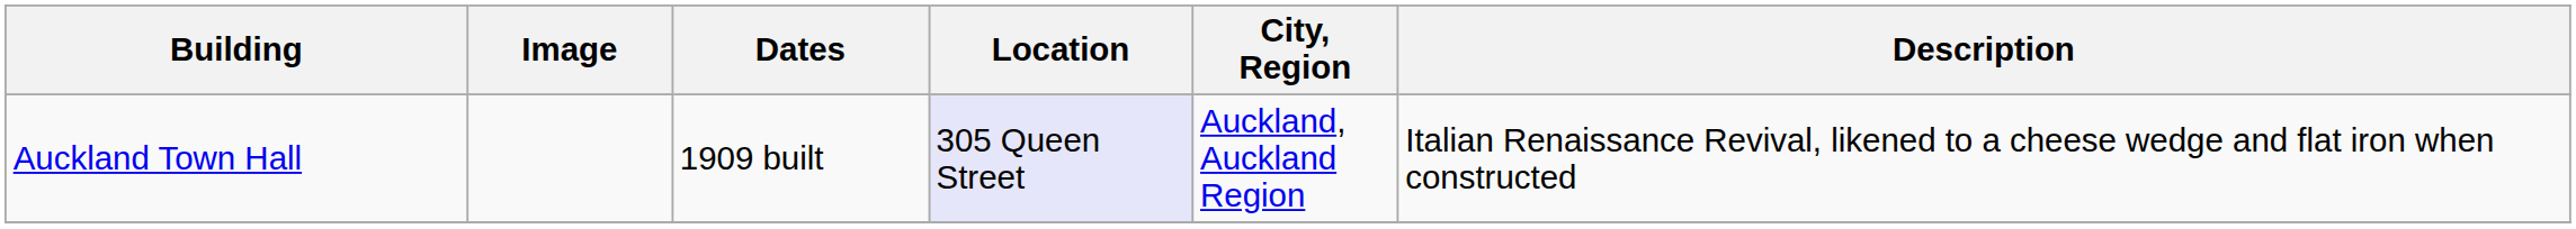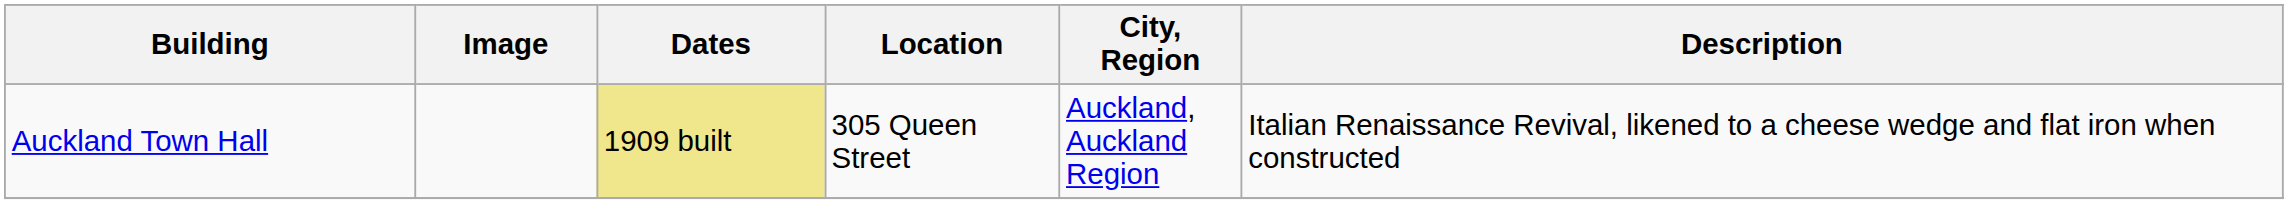 <table class="wikitable sortable" style="width:98%">
 <tr>
 <th width = 18%><strong>Building</strong></th>
 <th width = 8% class="unsortable"><strong>Image</strong></th>
 <th width = 10%><strong>Dates</strong></th>
 <th><strong>Location</strong></th>
 <th width = 8%><strong>City, Region</strong></th>
 <th class="unsortable"><strong>Description</strong></th>
 </tr>
 <tr>
 <td><a href='#'>Auckland Town Hall</a></td>
 <td></td>
-<td>1909 built</td>
-<td style="background: lavender;">305 Queen Street<br></td>
+<td style="background: khaki;">1909 built</td>
+<td>305 Queen Street<br></td>
 <td><a href='#'>Auckland</a>, <a href='#'>Auckland Region</a></td>
 <td>Italian Renaissance Revival, likened to a cheese wedge and flat iron when constructed</td>
 </tr>
 <tr>
 </tr>
 </table>
